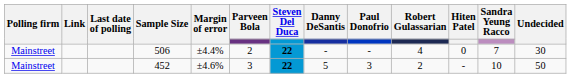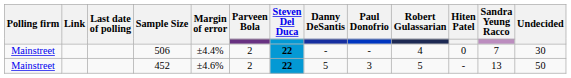 <table class="wikitable sortable tpl-blanktable" style="text-align:center; line-height:14px;font-size:90%;">
 <tr>
 <th rowspan="2">Polling firm</th>
 <th rowspan="2" class="unsortable">Link</th>
 <th rowspan="2">Last date<br>of polling</th>
 <th rowspan="2" class="unsortable">Sample Size</th>
 <th rowspan="2">Margin<br>of error</th>
 <th style="width:25px;">Parveen Bola</th>
 <th style="width:25px;"><a href='#'>Steven Del Duca</a></th>
 <th style="width:25px;">Danny DeSantis</th>
 <th style="width:25px;">Paul Donofrio</th>
 <th style="width:25px;">Robert Gulassarian</th>
 <th style="width:25px;">Hiten Patel</th>
 <th style="width:25px;">Sandra Yeung Racco</th>
 <th rowspan="2" style="width:25px;">Undecided</th>
 </tr>
 <tr class="sorttop">
 <th style="background-color:#683181;"></th>
 <th style="background-color:#0499d4;"></th>
 <th style="background-color:#162fa0;"></th>
 <th style="background-color:#0036c0;"></th>
 <th style="background-color:#1d2953;"></th>
 <th style="background-color:"></th>
 <th style="background-color:#bc8dbf;"></th>
 </tr>
 <tr>
 <td><a href='#'>Mainstreet</a></td>
 <td></td>
 <td></td>
 <td>506</td>
 <td>±4.4%</td>
 <td>2</td>
 <td style="background-color:#0499d4;"><strong>22</strong></td>
 <td>-</td>
 <td>-</td>
 <td>4</td>
 <td>0</td>
 <td>7</td>
 <td>30</td>
 </tr>
 <tr>
 <td><a href='#'>Mainstreet</a></td>
 <td></td>
 <td></td>
 <td>452</td>
 <td>±4.6%</td>
-<td>3</td>
+<td>2</td>
 <td style="background-color:#0499d4;"><strong>22</strong></td>
 <td>5</td>
 <td>3</td>
-<td>2</td>
+<td>5</td>
 <td>-</td>
-<td>10</td>
+<td>13</td>
 <td>50</td>
 </tr>
 </table>
